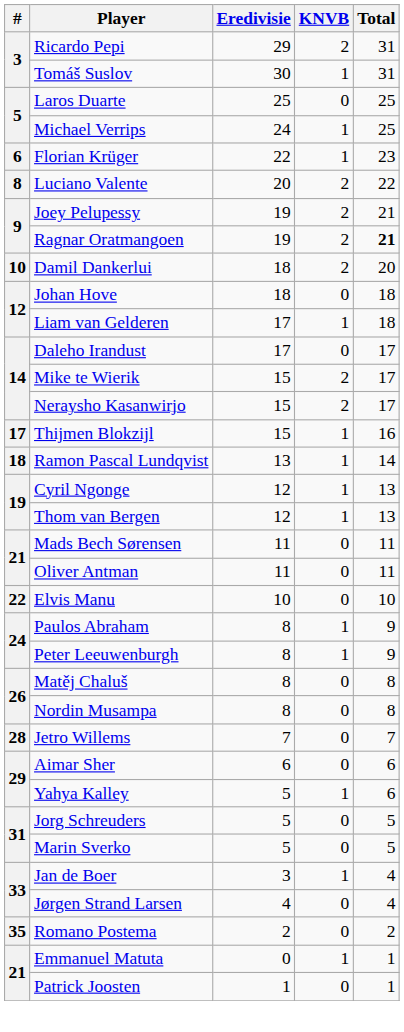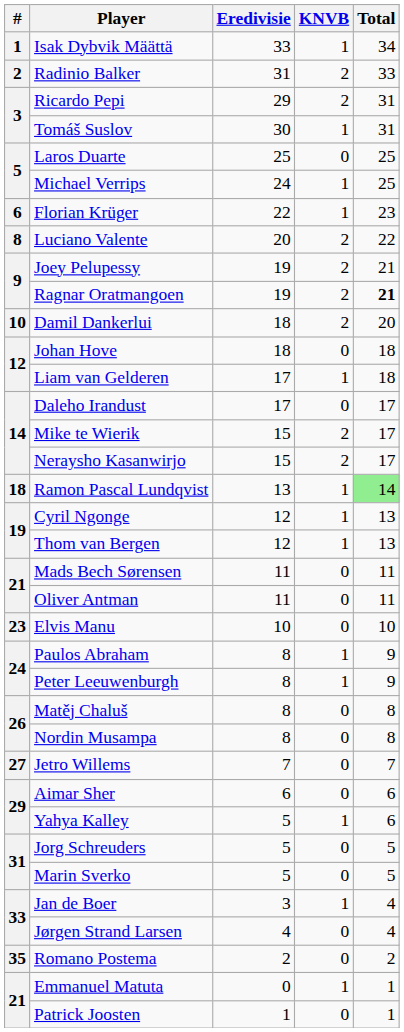 <table class="wikitable" style="text-align:right;">
 <tr>
 <th>#</th>
 <th>Player</th>
 <th><a href='#'>Eredivisie</a></th>
 <th><a href='#'>KNVB</a></th>
 <th>Total</th>
+</tr>
+<tr>
+<th align=center>1</th>
+<td align=left> <a href='#'>Isak Dybvik Määttä</a></td>
+<td>33</td>
+<td>1</td>
+<td>34</td>
+</tr>
+<tr>
+<th align=center>2</th>
+<td align=left> <a href='#'>Radinio Balker</a></td>
+<td>31</td>
+<td>2</td>
+<td>33</td>
 </tr>
 <tr>
 <th rowspan=2 align=center>3</th>
 <td align=left> <a href='#'>Ricardo Pepi</a></td>
 <td>29</td>
 <td>2</td>
 <td>31</td>
 </tr>
 <tr>
 <td align=left> <a href='#'>Tomáš Suslov</a></td>
 <td>30</td>
 <td>1</td>
 <td>31</td>
 </tr>
 <tr>
 <th rowspan=2 align=center>5</th>
 <td align=left> <a href='#'>Laros Duarte</a></td>
 <td>25</td>
 <td>0</td>
 <td>25</td>
 </tr>
 <tr>
 <td align=left> <a href='#'>Michael Verrips</a></td>
 <td>24</td>
 <td>1</td>
 <td>25</td>
 </tr>
 <tr>
 <th align=center>6</th>
 <td align=left> <a href='#'>Florian Krüger</a></td>
 <td>22</td>
 <td>1</td>
 <td>23</td>
 </tr>
 <tr>
 <th align=center>8</th>
 <td align=left> <a href='#'>Luciano Valente</a></td>
 <td>20</td>
 <td>2</td>
 <td>22</td>
 </tr>
 <tr>
 <th rowspan=2 align=center>9</th>
 <td align=left> <a href='#'>Joey Pelupessy</a></td>
 <td>19</td>
 <td>2</td>
 <td>21</td>
 </tr>
 <tr>
 <td align=left> <a href='#'>Ragnar Oratmangoen</a></td>
 <td>19</td>
 <td>2</td>
 <td><strong>21</strong></td>
 </tr>
 <tr>
 <th align=center>10</th>
 <td align=left> <a href='#'>Damil Dankerlui</a></td>
 <td>18</td>
 <td>2</td>
 <td>20</td>
 </tr>
 <tr>
 <th rowspan=2 align=center>12</th>
 <td align=left> <a href='#'>Johan Hove</a></td>
 <td>18</td>
 <td>0</td>
 <td>18</td>
 </tr>
 <tr>
 <td align=left> <a href='#'>Liam van Gelderen</a></td>
 <td>17</td>
 <td>1</td>
 <td>18</td>
 </tr>
 <tr>
 <th rowspan=3 align=center>14</th>
 <td align=left> <a href='#'>Daleho Irandust</a></td>
 <td>17</td>
 <td>0</td>
 <td>17</td>
 </tr>
 <tr>
 <td align=left> <a href='#'>Mike te Wierik</a></td>
 <td>15</td>
 <td>2</td>
 <td>17</td>
 </tr>
 <tr>
 <td align=left> <a href='#'>Neraysho Kasanwirjo</a></td>
 <td>15</td>
 <td>2</td>
 <td>17</td>
 </tr>
 <tr>
-<th align=center>17</th>
-<td align=left> <a href='#'>Thijmen Blokzijl</a></td>
-<td>15</td>
-<td>1</td>
-<td>16</td>
-</tr>
-<tr>
 <th align=center>18</th>
 <td align=left> <a href='#'>Ramon Pascal Lundqvist</a></td>
 <td>13</td>
 <td>1</td>
-<td>14</td>
+<td style="background: lightgreen;">14</td>
 </tr>
 <tr>
 <th rowspan=2 align=center>19</th>
 <td align=left> <a href='#'>Cyril Ngonge</a></td>
 <td>12</td>
 <td>1</td>
 <td>13</td>
 </tr>
 <tr>
 <td align=left> <a href='#'>Thom van Bergen</a></td>
 <td>12</td>
 <td>1</td>
 <td>13</td>
 </tr>
 <tr>
 <th rowspan=2 align=center>21</th>
 <td align=left> <a href='#'>Mads Bech Sørensen</a></td>
 <td>11</td>
 <td>0</td>
 <td>11</td>
 </tr>
 <tr>
 <td align=left> <a href='#'>Oliver Antman</a></td>
 <td>11</td>
 <td>0</td>
 <td>11</td>
 </tr>
 <tr>
-<th align=center>22</th>
+<th align=center>23</th>
 <td align=left> <a href='#'>Elvis Manu</a></td>
 <td>10</td>
 <td>0</td>
 <td>10</td>
 </tr>
 <tr>
 <th rowspan=2 align=center>24</th>
 <td align=left> <a href='#'>Paulos Abraham</a></td>
 <td>8</td>
 <td>1</td>
 <td>9</td>
 </tr>
 <tr>
 <td align=left> <a href='#'>Peter Leeuwenburgh</a></td>
 <td>8</td>
 <td>1</td>
 <td>9</td>
 </tr>
 <tr>
 <th rowspan=2 align=center>26</th>
 <td align=left> <a href='#'>Matěj Chaluš</a></td>
 <td>8</td>
 <td>0</td>
 <td>8</td>
 </tr>
 <tr>
 <td align=left> <a href='#'>Nordin Musampa</a></td>
 <td>8</td>
 <td>0</td>
 <td>8</td>
 </tr>
 <tr>
-<th align=center>28</th>
+<th align=center>27</th>
 <td align=left> <a href='#'>Jetro Willems</a></td>
 <td>7</td>
 <td>0</td>
 <td>7</td>
 </tr>
 <tr>
 <th rowspan=2 align=center>29</th>
 <td align=left> <a href='#'>Aimar Sher</a></td>
 <td>6</td>
 <td>0</td>
 <td>6</td>
 </tr>
 <tr>
 <td align=left> <a href='#'>Yahya Kalley</a></td>
 <td>5</td>
 <td>1</td>
 <td>6</td>
 </tr>
 <tr>
 <th rowspan=2 align=center>31</th>
 <td align=left> <a href='#'>Jorg Schreuders</a></td>
 <td>5</td>
 <td>0</td>
 <td>5</td>
 </tr>
 <tr>
 <td align=left> <a href='#'>Marin Sverko</a></td>
 <td>5</td>
 <td>0</td>
 <td>5</td>
 </tr>
 <tr>
 <th rowspan=2 align=center>33</th>
 <td align=left> <a href='#'>Jan de Boer</a></td>
 <td>3</td>
 <td>1</td>
 <td>4</td>
 </tr>
 <tr>
 <td align=left> <a href='#'>Jørgen Strand Larsen</a></td>
 <td>4</td>
 <td>0</td>
 <td>4</td>
 </tr>
 <tr>
 <th align=center>35</th>
 <td align=left> <a href='#'>Romano Postema</a></td>
 <td>2</td>
 <td>0</td>
 <td>2</td>
 </tr>
 <tr>
 <th rowspan=2 align=center>21</th>
 <td align=left> <a href='#'>Emmanuel Matuta</a></td>
 <td>0</td>
 <td>1</td>
 <td>1</td>
 </tr>
 <tr>
 <td align=left> <a href='#'>Patrick Joosten</a></td>
 <td>1</td>
 <td>0</td>
 <td>1</td>
 </tr>
 </table>
